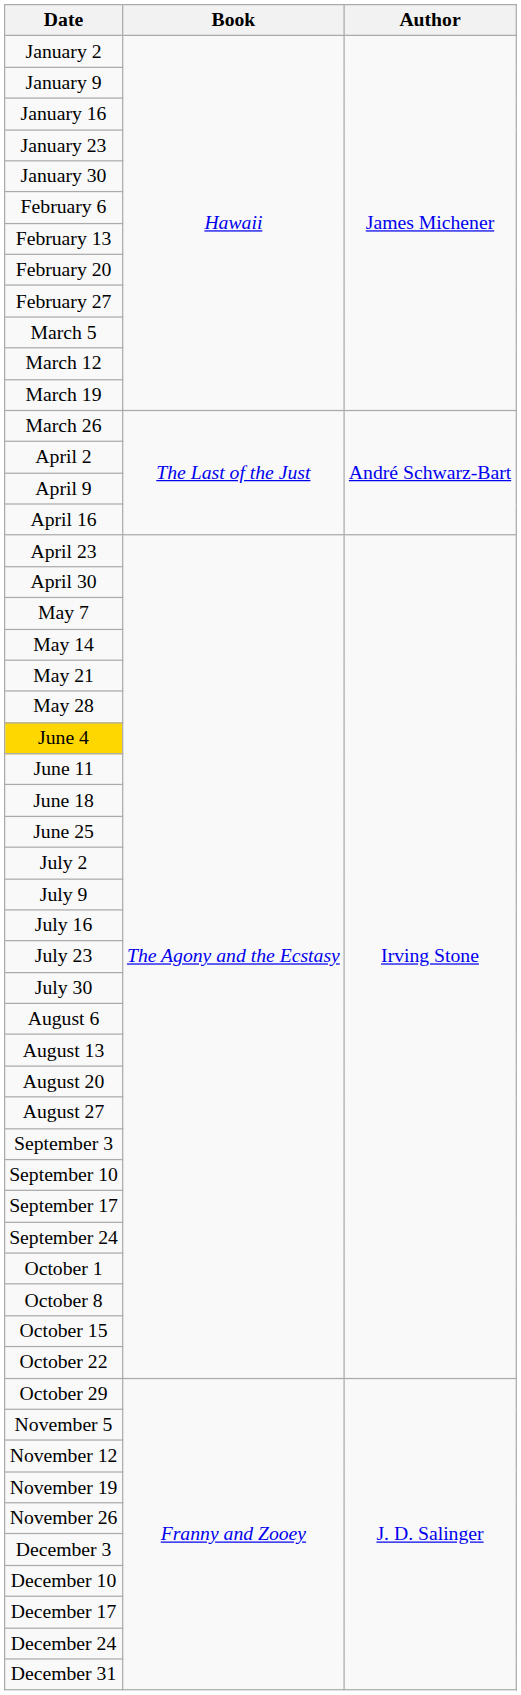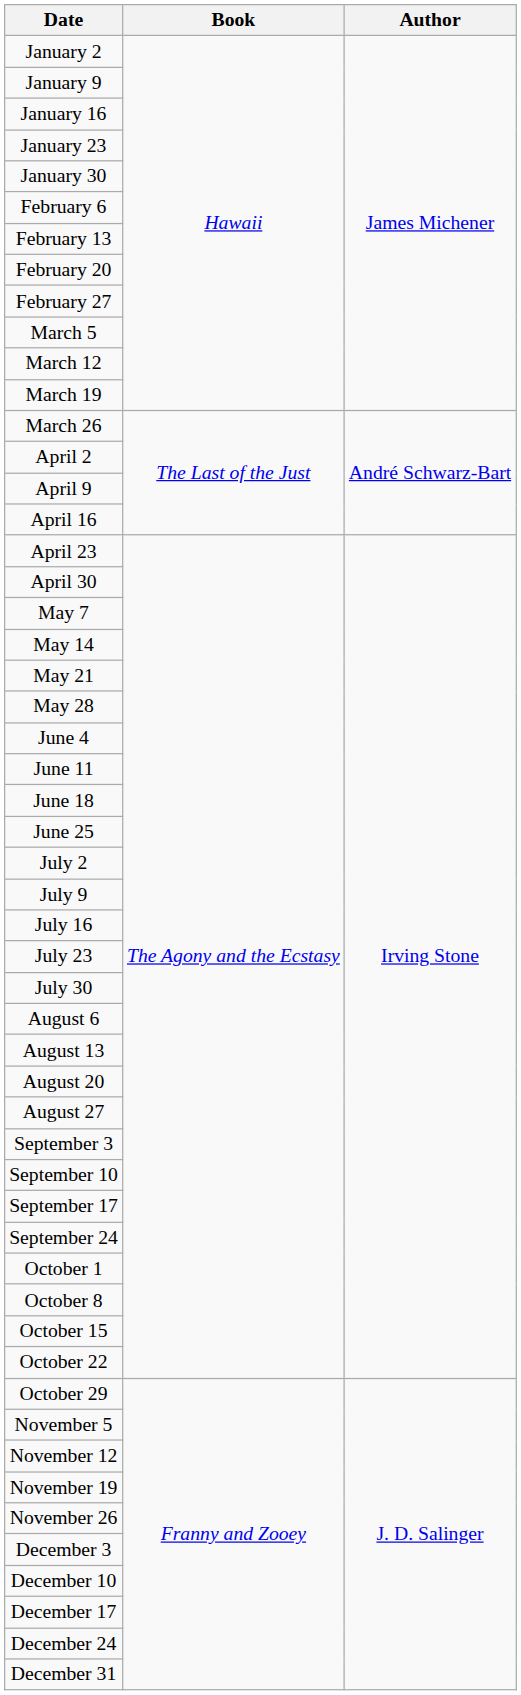 <table class="wikitable sortable" style="text-align: center">
 <tr>
 <th>Date</th>
 <th>Book</th>
 <th>Author</th>
 </tr>
 <tr>
 <td>January 2</td>
 <td rowspan=12><em><a href='#'>Hawaii</a></em></td>
 <td rowspan=12><a href='#'>James Michener</a></td>
 </tr>
 <tr>
 <td>January 9</td>
 </tr>
 <tr>
 <td>January 16</td>
 </tr>
 <tr>
 <td>January 23</td>
 </tr>
 <tr>
 <td>January 30</td>
 </tr>
 <tr>
 <td>February 6</td>
 </tr>
 <tr>
 <td>February 13</td>
 </tr>
 <tr>
 <td>February 20</td>
 </tr>
 <tr>
 <td>February 27</td>
 </tr>
 <tr>
 <td>March 5</td>
 </tr>
 <tr>
 <td>March 12</td>
 </tr>
 <tr>
 <td>March 19</td>
 </tr>
 <tr>
 <td>March 26</td>
 <td rowspan=4><em><a href='#'>The Last of the Just</a></em></td>
 <td rowspan=4><a href='#'>André Schwarz-Bart</a></td>
 </tr>
 <tr>
 <td>April 2</td>
 </tr>
 <tr>
 <td>April 9</td>
 </tr>
 <tr>
 <td>April 16</td>
 </tr>
 <tr>
 <td>April 23</td>
 <td rowspan=27><em><a href='#'>The Agony and the Ecstasy</a></em></td>
 <td rowspan=27><a href='#'>Irving Stone</a></td>
 </tr>
 <tr>
 <td>April 30</td>
 </tr>
 <tr>
 <td>May 7</td>
 </tr>
 <tr>
 <td>May 14</td>
 </tr>
 <tr>
 <td>May 21</td>
 </tr>
 <tr>
 <td>May 28</td>
 </tr>
 <tr>
-<td style="background: gold;">June 4</td>
+<td>June 4</td>
 </tr>
 <tr>
 <td>June 11</td>
 </tr>
 <tr>
 <td>June 18</td>
 </tr>
 <tr>
 <td>June 25</td>
 </tr>
 <tr>
 <td>July 2</td>
 </tr>
 <tr>
 <td>July 9</td>
 </tr>
 <tr>
 <td>July 16</td>
 </tr>
 <tr>
 <td>July 23</td>
 </tr>
 <tr>
 <td>July 30</td>
 </tr>
 <tr>
 <td>August 6</td>
 </tr>
 <tr>
 <td>August 13</td>
 </tr>
 <tr>
 <td>August 20</td>
 </tr>
 <tr>
 <td>August 27</td>
 </tr>
 <tr>
 <td>September 3</td>
 </tr>
 <tr>
 <td>September 10</td>
 </tr>
 <tr>
 <td>September 17</td>
 </tr>
 <tr>
 <td>September 24</td>
 </tr>
 <tr>
 <td>October 1</td>
 </tr>
 <tr>
 <td>October 8</td>
 </tr>
 <tr>
 <td>October 15</td>
 </tr>
 <tr>
 <td>October 22</td>
 </tr>
 <tr>
 <td>October 29</td>
 <td rowspan=10><em><a href='#'>Franny and Zooey</a></em></td>
 <td rowspan=10><a href='#'>J. D. Salinger</a></td>
 </tr>
 <tr>
 <td>November 5</td>
 </tr>
 <tr>
 <td>November 12</td>
 </tr>
 <tr>
 <td>November 19</td>
 </tr>
 <tr>
 <td>November 26</td>
 </tr>
 <tr>
 <td>December 3</td>
 </tr>
 <tr>
 <td>December 10</td>
 </tr>
 <tr>
 <td>December 17</td>
 </tr>
 <tr>
 <td>December 24</td>
 </tr>
 <tr>
 <td>December 31</td>
 </tr>
 </table>
